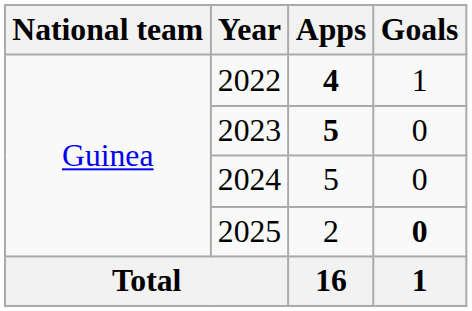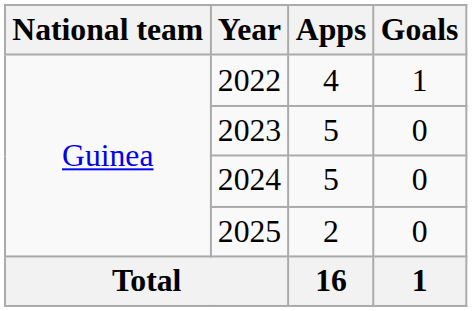 <table class="wikitable" style="text-align:center">
 <tr>
 <th>National team</th>
 <th>Year</th>
 <th>Apps</th>
 <th>Goals</th>
 </tr>
 <tr>
 <td rowspan="4"><a href='#'>Guinea</a></td>
 <td>2022</td>
-<td><strong>4</strong></td>
+<td>4</td>
 <td>1</td>
 </tr>
 <tr>
 <td>2023</td>
-<td><strong>5</strong></td>
+<td>5</td>
 <td>0</td>
 </tr>
 <tr>
 <td>2024</td>
 <td>5</td>
 <td>0</td>
 </tr>
 <tr>
 <td>2025</td>
 <td>2</td>
-<td><strong>0</strong></td>
+<td>0</td>
 </tr>
 <tr>
 <th colspan="2">Total</th>
 <th>16</th>
 <th>1</th>
 </tr>
 </table>
